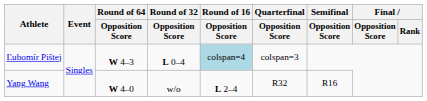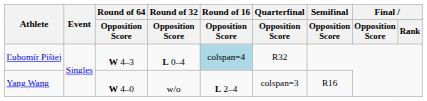 <table class=wikitable style="font-size:90%">
 <tr>
 <th rowspan=2>Athlete</th>
 <th rowspan=2>Event</th>
 <th>Round of 64</th>
 <th>Round of 32</th>
 <th>Round of 16</th>
 <th>Quarterfinal</th>
 <th>Semifinal</th>
 <th colspan=2>Final / </th>
 </tr>
 <tr style="font-size:95%">
 <th>Opposition<br>Score</th>
 <th>Opposition<br>Score</th>
 <th>Opposition<br>Score</th>
 <th>Opposition<br>Score</th>
 <th>Opposition<br>Score</th>
 <th>Opposition<br>Score</th>
 <th>Rank</th>
 </tr>
 <tr align=center>
 <td align=left><a href='#'>Ľubomír Pištej</a></td>
 <td align=left rowspan=2><a href='#'>Singles</a></td>
 <td><br> <strong>W</strong> 4–3</td>
 <td><br> <strong>L</strong> 0–4</td>
 <td style="background: lightblue;">colspan=4 </td>
-<td>colspan=3 </td>
+<td>R32</td>
 </tr>
 <tr align=center>
 <td align=left><a href='#'>Yang Wang</a></td>
 <td><br> <strong>W</strong> 4–0</td>
 <td><br> w/o</td>
 <td><br> <strong>L</strong> 2–4</td>
-<td>R32</td>
+<td>colspan=3 </td>
 <td>R16</td>
 </tr>
 </table>
